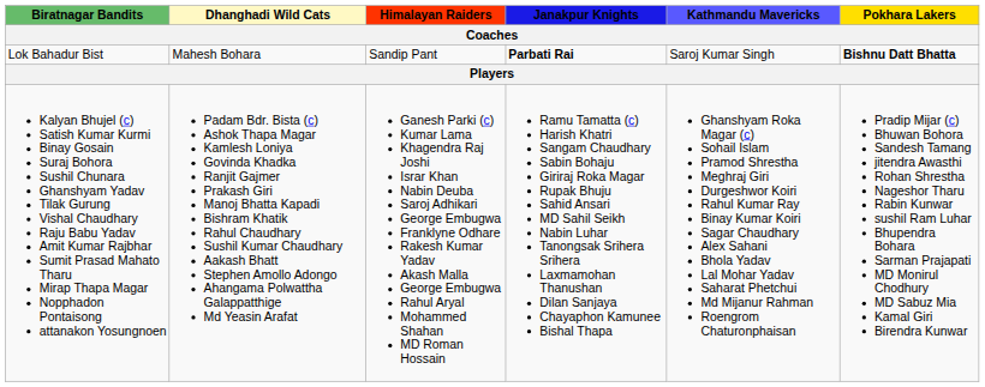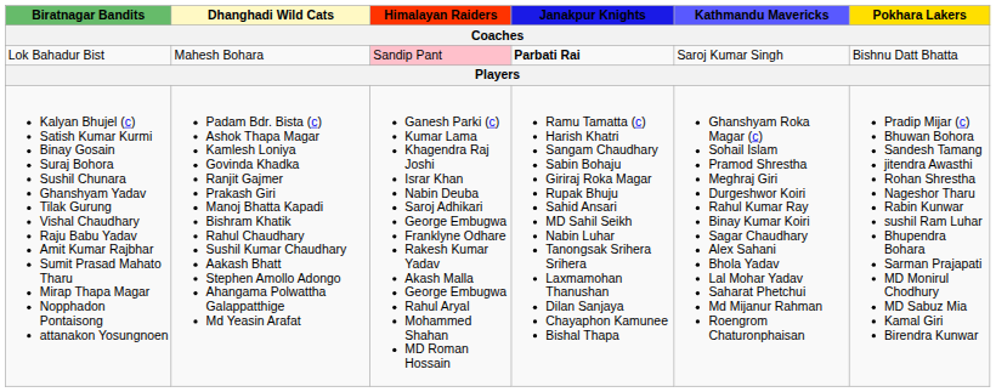 <table class="wikitable">
 <tr>
 <th style="background:#66bb6a">Biratnagar Bandits</th>
 <th style="background:#fff9c4">Dhanghadi Wild Cats</th>
 <th style="background:#ff3300">Himalayan Raiders</th>
 <th style="background:#1a1ae6">Janakpur Knights</th>
 <th style="background:#5959ff">Kathmandu Mavericks</th>
 <th style="background:#ffdf00">Pokhara Lakers</th>
 </tr>
 <tr>
 <th colspan="6">Coaches</th>
 </tr>
 <tr>
 <td>Lok Bahadur Bist</td>
 <td>Mahesh Bohara</td>
-<td>Sandip Pant</td>
+<td style="background: pink;">Sandip Pant</td>
 <td><strong>Parbati Rai</strong></td>
 <td>Saroj Kumar Singh</td>
-<td><strong>Bishnu Datt Bhatta</strong></td>
+<td>Bishnu Datt Bhatta</td>
 </tr>
 <tr>
 <th colspan="6">Players</th>
 </tr>
 <tr>
 <td valign="top"><br><ul><li>Kalyan Bhujel (<a href='#'>c</a>)</li><li>Satish Kumar Kurmi</li><li>Binay Gosain</li><li>Suraj Bohora</li><li>Sushil Chunara</li><li>Ghanshyam Yadav</li><li>Tilak Gurung</li><li>Vishal Chaudhary</li><li>Raju Babu Yadav</li><li>Amit Kumar Rajbhar</li><li>Sumit Prasad Mahato Tharu</li><li>Mirap Thapa Magar</li><li> Nopphadon Pontaisong</li><li> attanakon Yosungnoen</li></ul></td>
 <td valign="top"><br><ul><li>Padam Bdr. Bista (<a href='#'>c</a>)</li><li>Ashok Thapa Magar</li><li>Kamlesh Loniya</li><li>Govinda Khadka</li><li>Ranjit Gajmer</li><li>Prakash Giri</li><li>Manoj Bhatta Kapadi</li><li>Bishram Khatik</li><li>Rahul Chaudhary</li><li>Sushil Kumar Chaudhary</li><li>Aakash Bhatt</li><li> Stephen Amollo Adongo</li><li> Ahangama Polwattha Galappatthige</li><li> Md Yeasin Arafat</li></ul></td>
 <td valign="top"><br><ul><li>Ganesh Parki (<a href='#'>c</a>)</li><li>Kumar Lama</li><li>Khagendra Raj Joshi</li><li>Israr Khan</li><li>Nabin Deuba</li><li>Saroj Adhikari</li><li>George Embugwa</li><li>Franklyne Odhare</li><li>Rakesh Kumar Yadav</li><li>Akash Malla</li><li> George Embugwa</li><li>Rahul Aryal</li><li> Mohammed Shahan</li><li>MD Roman Hossain</li></ul></td>
 <td valign="top"><br><ul><li>Ramu Tamatta (<a href='#'>c</a>)</li><li>Harish Khatri</li><li>Sangam Chaudhary</li><li>Sabin Bohaju</li><li>Giriraj Roka Magar</li><li>Rupak Bhuju</li><li>Sahid Ansari</li><li>MD Sahil Seikh</li><li>Nabin Luhar</li><li> Tanongsak Srihera Srihera</li><li> Laxmamohan Thanushan</li><li>Dilan Sanjaya</li><li> Chayaphon Kamunee</li><li>Bishal Thapa</li></ul></td>
 <td valign="top"><br><ul><li>Ghanshyam Roka Magar (<a href='#'>c</a>)</li><li>Sohail Islam</li><li>Pramod Shrestha</li><li>Meghraj Giri</li><li>Durgeshwor Koiri</li><li>Rahul Kumar Ray</li><li>Binay Kumar Koiri</li><li>Sagar Chaudhary</li><li>Alex Sahani</li><li>Bhola Yadav</li><li>Lal Mohar Yadav</li><li> Saharat Phetchui</li><li> Md Mijanur Rahman</li><li> Roengrom Chaturonphaisan</li></ul></td>
 <td valign="top"><br><ul><li>Pradip Mijar (<a href='#'>c</a>)</li><li>Bhuwan Bohora</li><li>Sandesh Tamang</li><li>jitendra Awasthi</li><li>Rohan Shrestha</li><li>Nageshor Tharu</li><li>Rabin Kunwar</li><li>sushil Ram Luhar</li><li>Bhupendra Bohara</li><li>Sarman Prajapati</li><li> MD Monirul Chodhury</li><li> MD Sabuz Mia</li><li>Kamal Giri</li><li>Birendra Kunwar</li></ul></td>
 </tr>
 </table>
